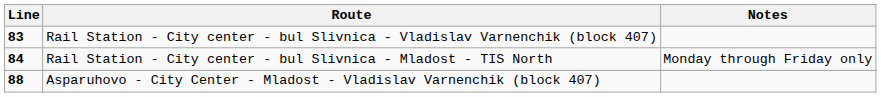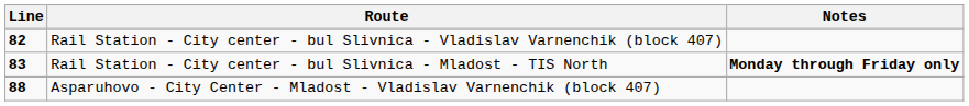 <table class="wikitable">
 <tr>
 <th>Line</th>
 <th>Route</th>
 <th>Notes</th>
 </tr>
 <tr>
-<td><strong>83</strong></td>
+<td><strong>82</strong></td>
 <td>Rail Station - City center - bul Slivnica  - Vladislav Varnenchik (block 407)</td>
 <td></td>
 </tr>
 <tr>
-<td><strong>84</strong></td>
+<td><strong>83</strong></td>
 <td>Rail Station - City center - bul Slivnica - Mladost - TIS North</td>
-<td>Monday through Friday only</td>
+<td><strong>Monday through Friday only</strong></td>
 </tr>
 <tr>
 </tr>
 <tr>
 <td><strong>88</strong></td>
 <td>Asparuhovo - City Center - Mladost - Vladislav Varnenchik (block 407)</td>
 <td></td>
 </tr>
 </table>
